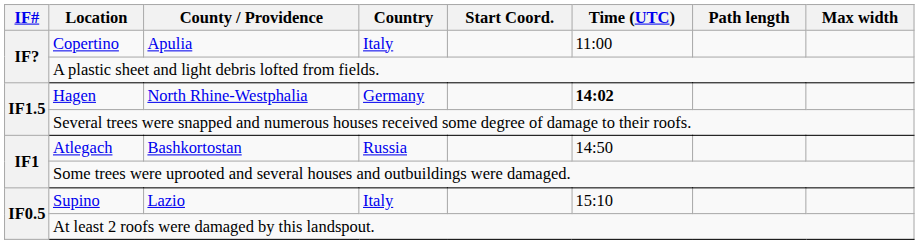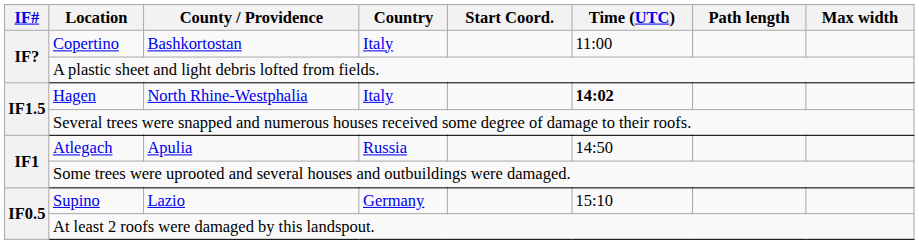 <table class="wikitable sortable" style="width:100%;">
 <tr>
 <th scope="col" width="2%" align="center"><a href='#'>IF#</a></th>
 <th scope="col" align="center" class="unsortable">Location</th>
 <th scope="col" align="center" class="unsortable">County / Providence</th>
 <th scope="col" align="center">Country</th>
 <th scope="col" align="center">Start Coord.</th>
 <th scope="col" align="center">Time (<a href='#'>UTC</a>)</th>
 <th scope="col" align="center">Path length</th>
 <th scope="col" align="center">Max width</th>
 </tr>
 <tr>
 <th scope="row" rowspan="2" style="background-color:#">IF?</th>
 <td><a href='#'>Copertino</a></td>
-<td><a href='#'>Apulia</a></td>
+<td><a href='#'>Bashkortostan</a></td>
 <td><a href='#'>Italy</a></td>
 <td></td>
 <td>11:00</td>
 <td></td>
 <td></td>
 </tr>
 <tr class="expand-child">
 <td colspan="8" style=" border-bottom: 1px solid black">A plastic sheet and light debris lofted from fields.</td>
 </tr>
 <tr>
 <th scope="row" rowspan="2" style="background-color:#">IF1.5</th>
 <td><a href='#'>Hagen</a></td>
 <td><a href='#'>North Rhine-Westphalia</a></td>
-<td><a href='#'>Germany</a></td>
+<td><a href='#'>Italy</a></td>
 <td></td>
 <td><strong>14:02</strong></td>
 <td></td>
 <td></td>
 </tr>
 <tr class="expand-child">
 <td colspan="8" style=" border-bottom: 1px solid black;">Several trees were snapped and numerous houses received some degree of damage to their roofs.</td>
 </tr>
 <tr>
 <th scope="row" rowspan="2" style="background-color:#">IF1</th>
 <td><a href='#'>Atlegach</a></td>
-<td><a href='#'>Bashkortostan</a></td>
+<td><a href='#'>Apulia</a></td>
 <td><a href='#'>Russia</a></td>
 <td></td>
 <td>14:50</td>
 <td></td>
 <td></td>
 </tr>
 <tr class="expand-child">
 <td colspan="8" style=" border-bottom: 1px solid black;">Some trees were uprooted and several houses and outbuildings were damaged.</td>
 </tr>
 <tr>
 <th scope="row" rowspan="2" style="background-color:#">IF0.5</th>
 <td><a href='#'>Supino</a></td>
 <td><a href='#'>Lazio</a></td>
-<td><a href='#'>Italy</a></td>
+<td><a href='#'>Germany</a></td>
 <td></td>
 <td>15:10</td>
 <td></td>
 <td></td>
 </tr>
 <tr class="expand-child">
 <td colspan="8" style=" border-bottom: 1px solid black;">At least 2 roofs were damaged by this landspout.</td>
 </tr>
 </table>
